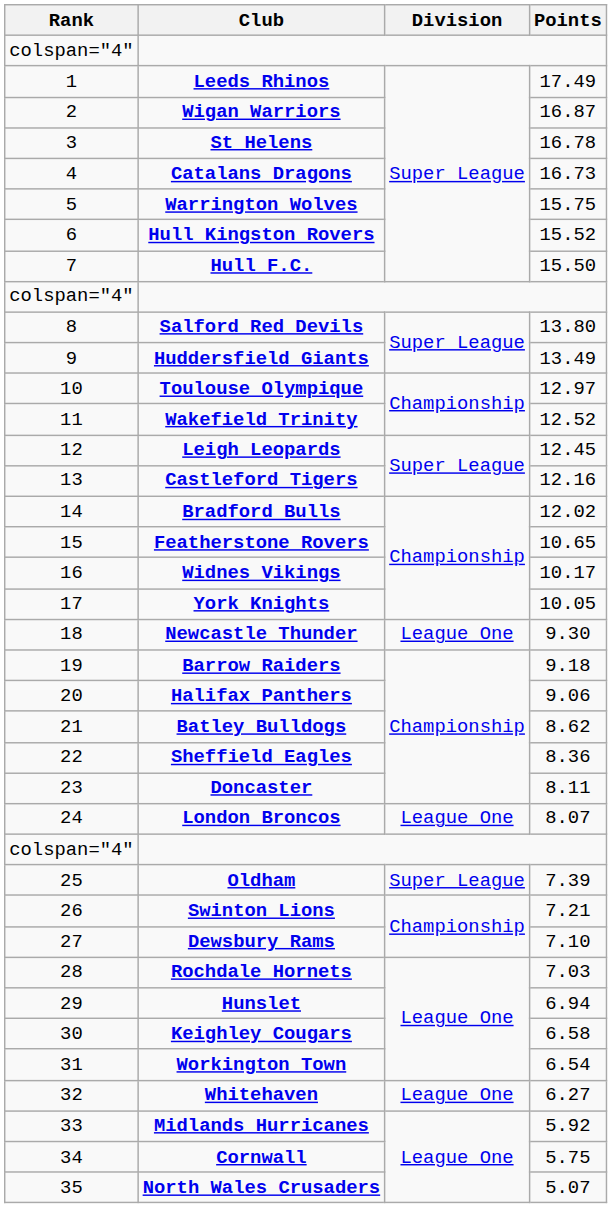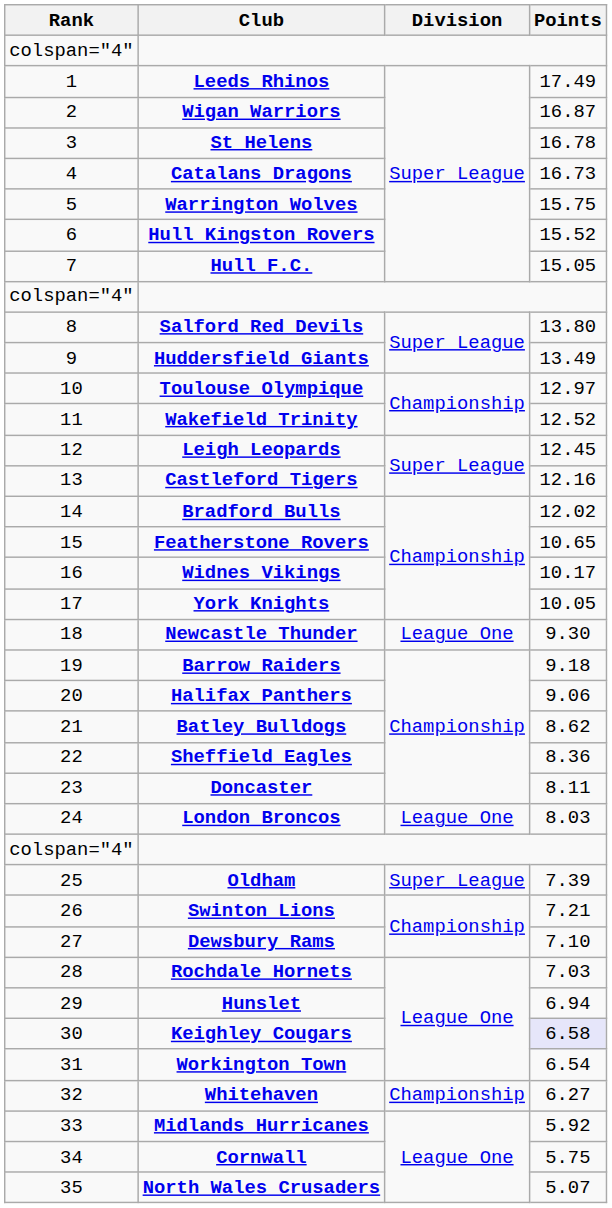 <table class="wikitable" style="text-align:center;"border="1" cellpadding="4" cellspacing="0">
 <tr bgcolor="#efefef">
 <th>Rank</th>
 <th>Club</th>
 <th>Division</th>
 <th>Points</th>
 </tr>
 <tr>
 <td>colspan="4"</td>
 </tr>
 <tr>
 <td>1</td>
 <td> <strong><a href='#'>Leeds Rhinos</a></strong></td>
 <td rowspan="7"><a href='#'>Super League</a></td>
 <td>17.49</td>
 </tr>
 <tr>
 <td>2</td>
 <td> <strong><a href='#'>Wigan Warriors</a></strong></td>
 <td>16.87</td>
 </tr>
 <tr>
 <td>3</td>
 <td> <strong><a href='#'>St Helens</a></strong></td>
 <td>16.78</td>
 </tr>
 <tr>
 <td>4</td>
 <td> <strong><a href='#'>Catalans Dragons</a></strong></td>
 <td>16.73</td>
 </tr>
 <tr>
 <td>5</td>
 <td> <strong><a href='#'>Warrington Wolves</a></strong></td>
 <td>15.75</td>
 </tr>
 <tr>
 <td>6</td>
 <td> <strong><a href='#'>Hull Kingston Rovers</a></strong></td>
 <td>15.52</td>
 </tr>
 <tr>
 <td>7</td>
 <td> <strong><a href='#'>Hull F.C.</a></strong></td>
-<td>15.50</td>
+<td>15.05</td>
 </tr>
 <tr>
 <td>colspan="4"</td>
 </tr>
 <tr>
 <td>8</td>
 <td> <strong><a href='#'>Salford Red Devils</a></strong></td>
 <td rowspan="2"><a href='#'>Super League</a></td>
 <td>13.80</td>
 </tr>
 <tr>
 <td>9</td>
 <td> <strong><a href='#'>Huddersfield Giants</a></strong></td>
 <td>13.49</td>
 </tr>
 <tr>
 <td>10</td>
 <td> <strong><a href='#'>Toulouse Olympique</a></strong></td>
 <td rowspan="2"><a href='#'>Championship</a></td>
 <td>12.97</td>
 </tr>
 <tr>
 <td>11</td>
 <td> <strong><a href='#'>Wakefield Trinity</a></strong></td>
 <td>12.52</td>
 </tr>
 <tr>
 <td>12</td>
 <td> <strong><a href='#'>Leigh Leopards</a></strong></td>
 <td rowspan="2"><a href='#'>Super League</a></td>
 <td>12.45</td>
 </tr>
 <tr>
 <td>13</td>
 <td> <strong><a href='#'>Castleford Tigers</a></strong></td>
 <td>12.16</td>
 </tr>
 <tr>
 <td>14</td>
 <td> <strong><a href='#'>Bradford Bulls</a></strong></td>
 <td rowspan="4"><a href='#'>Championship</a></td>
 <td>12.02</td>
 </tr>
 <tr>
 <td>15</td>
 <td> <strong><a href='#'>Featherstone Rovers</a></strong></td>
 <td>10.65</td>
 </tr>
 <tr>
 <td>16</td>
 <td> <strong><a href='#'>Widnes Vikings</a></strong></td>
 <td>10.17</td>
 </tr>
 <tr>
 <td>17</td>
 <td> <strong><a href='#'>York Knights</a></strong></td>
 <td>10.05</td>
 </tr>
 <tr>
 <td>18</td>
 <td> <strong><a href='#'>Newcastle Thunder</a></strong></td>
 <td><a href='#'>League One</a></td>
 <td>9.30</td>
 </tr>
 <tr>
 <td>19</td>
 <td> <strong><a href='#'>Barrow Raiders</a></strong></td>
 <td rowspan="5"><a href='#'>Championship</a></td>
 <td>9.18</td>
 </tr>
 <tr>
 <td>20</td>
 <td> <strong><a href='#'>Halifax Panthers</a></strong></td>
 <td>9.06</td>
 </tr>
 <tr>
 <td>21</td>
 <td> <strong><a href='#'>Batley Bulldogs</a></strong></td>
 <td>8.62</td>
 </tr>
 <tr>
 <td>22</td>
 <td> <strong><a href='#'>Sheffield Eagles</a></strong></td>
 <td>8.36</td>
 </tr>
 <tr>
 <td>23</td>
 <td> <strong><a href='#'>Doncaster</a></strong></td>
 <td>8.11</td>
 </tr>
 <tr>
 <td>24</td>
 <td> <strong><a href='#'>London Broncos</a></strong></td>
 <td><a href='#'>League One</a></td>
-<td>8.07</td>
+<td>8.03</td>
 </tr>
 <tr>
 <td>colspan="4"</td>
 </tr>
 <tr>
 <td>25</td>
 <td> <strong><a href='#'>Oldham</a></strong></td>
 <td><a href='#'>Super League</a></td>
 <td>7.39</td>
 </tr>
 <tr>
 <td>26</td>
 <td> <strong><a href='#'>Swinton Lions</a></strong></td>
 <td rowspan="2"><a href='#'>Championship</a></td>
 <td>7.21</td>
 </tr>
 <tr>
 <td>27</td>
 <td> <strong><a href='#'>Dewsbury Rams</a></strong></td>
 <td>7.10</td>
 </tr>
 <tr>
 <td>28</td>
 <td> <strong><a href='#'>Rochdale Hornets</a></strong></td>
 <td rowspan="4"><a href='#'>League One</a></td>
 <td>7.03</td>
 </tr>
 <tr>
 <td>29</td>
 <td> <strong><a href='#'>Hunslet</a></strong></td>
 <td>6.94</td>
 </tr>
 <tr>
 <td>30</td>
 <td> <strong><a href='#'>Keighley Cougars</a></strong></td>
-<td>6.58</td>
+<td style="background: lavender;">6.58</td>
 </tr>
 <tr>
 <td>31</td>
 <td> <strong><a href='#'>Workington Town</a></strong></td>
 <td>6.54</td>
 </tr>
 <tr>
 <td>32</td>
 <td> <strong><a href='#'>Whitehaven</a></strong></td>
-<td><a href='#'>League One</a></td>
+<td><a href='#'>Championship</a></td>
 <td>6.27</td>
 </tr>
 <tr>
 <td>33</td>
 <td> <strong><a href='#'>Midlands Hurricanes</a></strong></td>
 <td rowspan="3"><a href='#'>League One</a></td>
 <td>5.92</td>
 </tr>
 <tr>
 <td>34</td>
 <td> <strong><a href='#'>Cornwall</a></strong></td>
 <td>5.75</td>
 </tr>
 <tr>
 <td>35</td>
 <td> <strong><a href='#'>North Wales Crusaders</a></strong></td>
 <td>5.07</td>
 </tr>
 </table>
